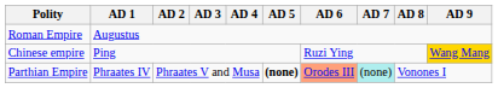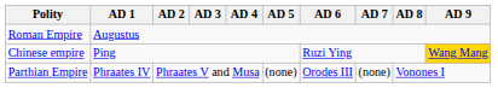 <table class="wikitable">
 <tr>
 <th>Polity</th>
 <th>AD 1</th>
 <th>AD 2</th>
 <th>AD 3</th>
 <th>AD 4</th>
 <th>AD 5</th>
 <th>AD 6</th>
 <th>AD 7</th>
 <th>AD 8</th>
 <th>AD 9</th>
 </tr>
 <tr>
 <td><a href='#'>Roman Empire</a></td>
 <td colspan="9"><a href='#'>Augustus</a></td>
 </tr>
 <tr>
 <td><a href='#'>Chinese empire</a></td>
 <td colspan="5"><a href='#'>Ping</a></td>
 <td colspan="3"><a href='#'>Ruzi Ying</a></td>
 <td style="background: gold;"><a href='#'>Wang Mang</a></td>
 </tr>
 <tr>
 <td><a href='#'>Parthian Empire</a></td>
 <td><a href='#'>Phraates IV</a></td>
 <td colspan="3"><a href='#'>Phraates V</a> and <a href='#'>Musa</a></td>
-<td><strong>(none)</strong></td>
-<td style="background: lightsalmon;"><a href='#'>Orodes III</a></td>
-<td style="background: paleturquoise;">(none)</td>
+<td>(none)</td>
+<td><a href='#'>Orodes III</a></td>
+<td>(none)</td>
 <td colspan="2"><a href='#'>Vonones I</a></td>
 </tr>
 </table>
